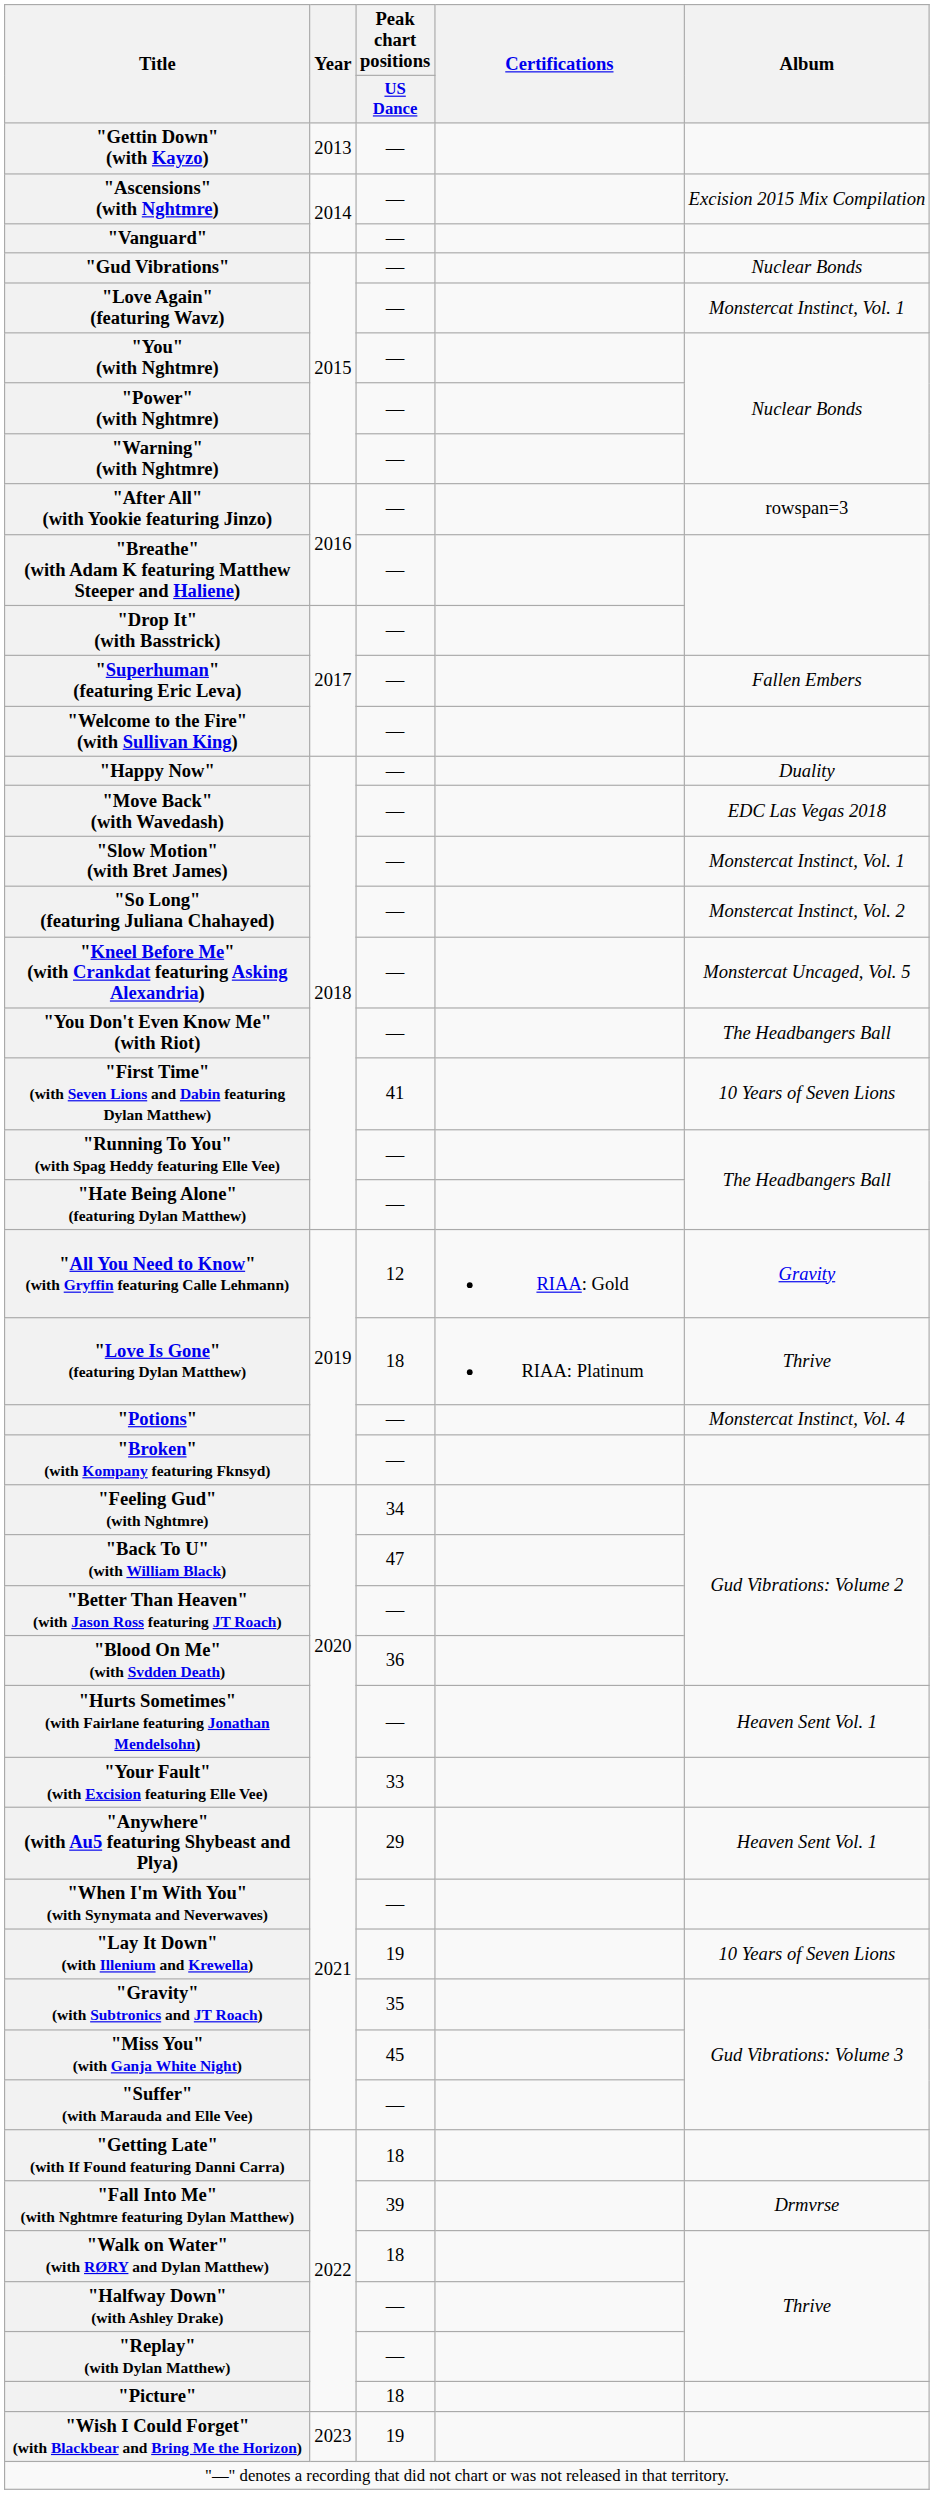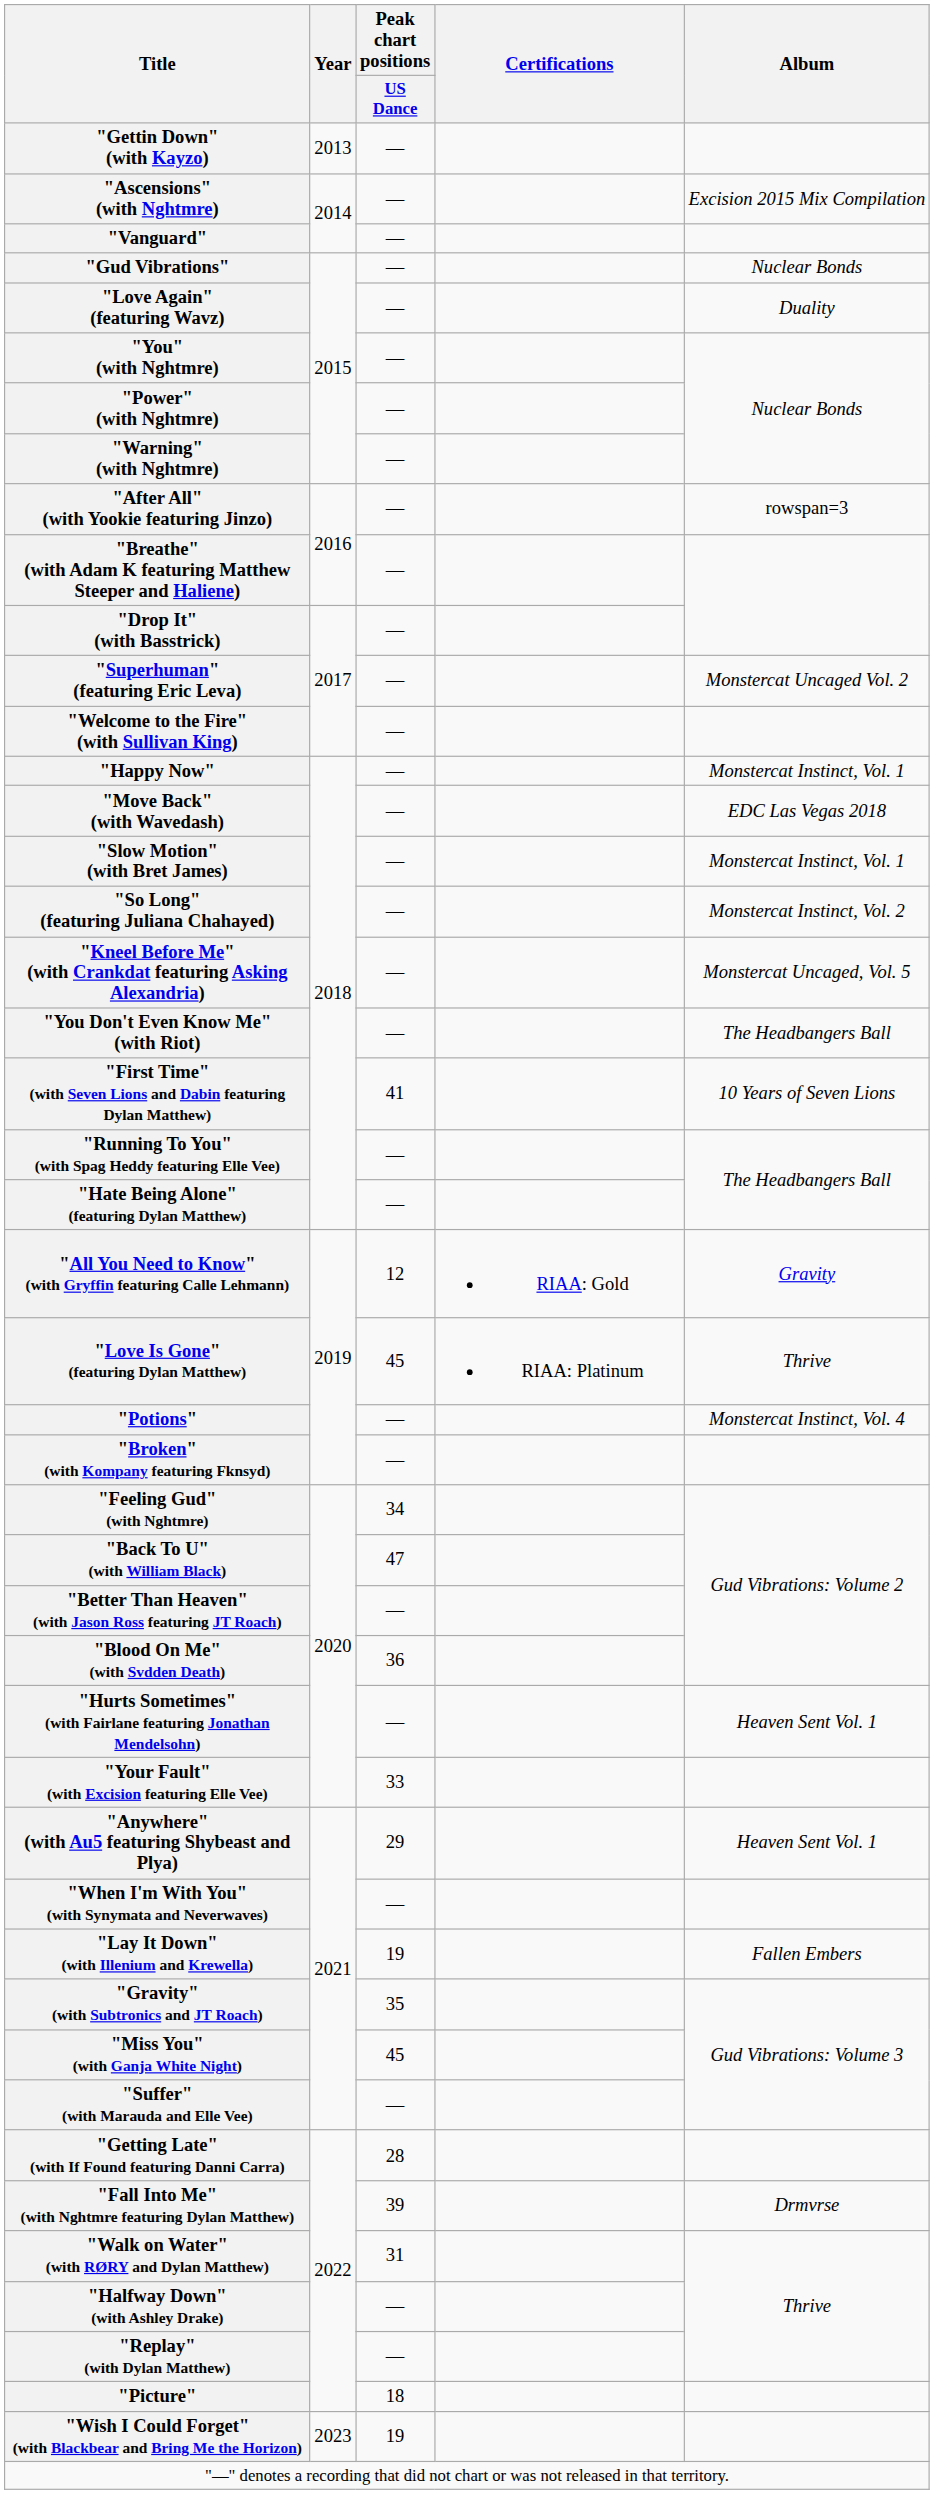 <table class="wikitable plainrowheaders" style="text-align:center;" border="1">
 <tr>
 <th scope="col" rowspan="2" style="width:16em;">Title</th>
 <th scope="col" rowspan="2">Year</th>
 <th scope="col" colspan="1">Peak chart positions</th>
 <th scope="col" rowspan="2" style="width:13em;"><a href='#'>Certifications</a></th>
 <th scope="col" rowspan="2">Album</th>
 </tr>
 <tr>
 <th scope="col" style="width:2.5em;font-size:90%;"><a href='#'>US<br>Dance</a><br></th>
 </tr>
 <tr>
 <th scope="row">"Gettin Down"<br><span>(with <a href='#'>Kayzo</a>)</span></th>
 <td>2013</td>
 <td>—</td>
 <td></td>
 <td></td>
 </tr>
 <tr>
 <th scope="row">"Ascensions"<br><span>(with <a href='#'>Nghtmre</a>)</span></th>
 <td rowspan="2">2014</td>
 <td>—</td>
 <td></td>
 <td><em>Excision 2015 Mix Compilation</em></td>
 </tr>
 <tr>
 <th scope="row">"Vanguard"</th>
 <td>—</td>
 <td></td>
 <td></td>
 </tr>
 <tr>
 <th scope="row">"Gud Vibrations"</th>
 <td rowspan="5">2015</td>
 <td>—</td>
 <td></td>
 <td><em>Nuclear Bonds</em></td>
 </tr>
 <tr>
 <th scope="row">"Love Again"<br><span>(featuring Wavz)</span></th>
 <td>—</td>
 <td></td>
-<td><em>Monstercat Instinct, Vol. 1</em></td>
+<td><em>Duality</em></td>
 </tr>
 <tr>
 <th scope="row">"You"<br><span>(with Nghtmre)</span></th>
 <td>—</td>
 <td></td>
 <td rowspan=3><em>Nuclear Bonds</em></td>
 </tr>
 <tr>
 <th scope="row">"Power"<br><span>(with Nghtmre)</span></th>
 <td>—</td>
 <td></td>
 </tr>
 <tr>
 <th scope="row">"Warning"<br><span>(with Nghtmre)</span></th>
 <td>—</td>
 <td></td>
 </tr>
 <tr>
 <th scope="row">"After All"<br><span>(with Yookie featuring Jinzo)</span></th>
 <td rowspan="2">2016</td>
 <td>—</td>
 <td></td>
 <td>rowspan=3 </td>
 </tr>
 <tr>
 <th scope="row">"Breathe"<br><span>(with Adam K featuring Matthew Steeper and <a href='#'>Haliene</a>)</span></th>
 <td>—</td>
 <td></td>
 </tr>
 <tr>
 <th scope="row">"Drop It"<br><span>(with Basstrick)</span></th>
 <td rowspan="3">2017</td>
 <td>—</td>
 <td></td>
 </tr>
 <tr>
 <th scope="row">"<a href='#'>Superhuman</a>"<br><span>(featuring Eric Leva)</span></th>
 <td>—</td>
 <td></td>
-<td><em>Fallen Embers</em></td>
+<td><em>Monstercat Uncaged Vol. 2</em></td>
 </tr>
 <tr>
 <th scope="row">"Welcome to the Fire"<br><span>(with <a href='#'>Sullivan King</a>)</span></th>
 <td>—</td>
 <td></td>
 <td></td>
 </tr>
 <tr>
 <th scope="row">"Happy Now"</th>
 <td rowspan="9">2018</td>
 <td>—</td>
 <td></td>
-<td><em>Duality</em></td>
+<td><em>Monstercat Instinct, Vol. 1</em></td>
 </tr>
 <tr>
 <th scope="row">"Move Back" <br><span>(with Wavedash)</span></th>
 <td>—</td>
 <td></td>
 <td><em>EDC Las Vegas 2018</em></td>
 </tr>
 <tr>
 <th scope="row">"Slow Motion" <br><span>(with Bret James)</span></th>
 <td>—</td>
 <td></td>
 <td><em>Monstercat Instinct, Vol. 1</em></td>
 </tr>
 <tr>
 <th scope="row">"So Long" <br><span>(featuring Juliana Chahayed)</span></th>
 <td>—</td>
 <td></td>
 <td><em>Monstercat Instinct, Vol. 2</em></td>
 </tr>
 <tr>
 <th scope="row">"<a href='#'>Kneel Before Me</a>" <br><span>(with <a href='#'>Crankdat</a> featuring <a href='#'>Asking Alexandria</a>)</span></th>
 <td>—</td>
 <td></td>
 <td><em>Monstercat Uncaged, Vol. 5</em></td>
 </tr>
 <tr>
 <th scope="row">"You Don't Even Know Me" <br><span>(with Riot)</span></th>
 <td>—</td>
 <td></td>
 <td><em>The Headbangers Ball</em></td>
 </tr>
 <tr>
 <th scope="row">"First Time"  <br><small>(with <a href='#'>Seven Lions</a> and <a href='#'>Dabin</a> featuring Dylan Matthew)</small></th>
 <td>41</td>
 <td></td>
 <td><em>10 Years of Seven Lions</em></td>
 </tr>
 <tr>
 <th scope="row">"Running To You" <br><small>(with Spag Heddy featuring Elle Vee)</small></th>
 <td>—</td>
 <td></td>
 <td rowspan=2><em>The Headbangers Ball</em></td>
 </tr>
 <tr>
 <th scope="row">"Hate Being Alone"<br><small>(featuring Dylan Matthew)</small></th>
 <td>—</td>
 <td></td>
 </tr>
 <tr>
 <th scope="row">"<a href='#'>All You Need to Know</a>" <br><small>(with <a href='#'>Gryffin</a> featuring Calle Lehmann)</small></th>
 <td rowspan="4">2019</td>
 <td>12</td>
 <td><br><ul><li><a href='#'>RIAA</a>: Gold</li></ul></td>
 <td><em><a href='#'>Gravity</a></em></td>
 </tr>
 <tr>
 <th scope="row">"<a href='#'>Love Is Gone</a>" <br><small>(featuring Dylan Matthew)</small></th>
-<td>18</td>
+<td>45</td>
 <td><br><ul><li>RIAA: Platinum</li></ul></td>
 <td><em>Thrive</em></td>
 </tr>
 <tr>
 <th scope="row">"<a href='#'>Potions</a>" <br></th>
 <td>—</td>
 <td></td>
 <td><em>Monstercat Instinct, Vol. 4</em></td>
 </tr>
 <tr>
 <th scope="row">"<a href='#'>Broken</a>" <br><small>(with <a href='#'>Kompany</a> featuring Fknsyd)</small></th>
 <td>—</td>
 <td></td>
 <td></td>
 </tr>
 <tr>
 <th scope="row">"Feeling Gud" <br><small>(with Nghtmre)</small></th>
 <td rowspan="6">2020</td>
 <td>34</td>
 <td></td>
 <td rowspan=4><em>Gud Vibrations: Volume 2</em></td>
 </tr>
 <tr>
 <th scope="row">"Back To U" <br><small>(with <a href='#'>William Black</a>)</small></th>
 <td>47</td>
 <td></td>
 </tr>
 <tr>
 <th scope="row">"Better Than Heaven" <br><small>(with <a href='#'>Jason Ross</a> featuring <a href='#'>JT Roach</a>)</small></th>
 <td>—</td>
 <td></td>
 </tr>
 <tr>
 <th scope="row">"Blood On Me" <br><small>(with <a href='#'>Svdden Death</a>)</small></th>
 <td>36</td>
 <td></td>
 </tr>
 <tr>
 <th scope="row">"Hurts Sometimes" <br><small>(with Fairlane featuring <a href='#'>Jonathan Mendelsohn</a>)</small></th>
 <td>—</td>
 <td></td>
 <td><em>Heaven Sent Vol. 1</em></td>
 </tr>
 <tr>
 <th scope="row">"Your Fault" <br><small>(with <a href='#'>Excision</a> featuring Elle Vee)</small></th>
 <td>33</td>
 <td></td>
 <td></td>
 </tr>
 <tr>
 <th scope="row">"Anywhere" <br><span>(with <a href='#'>Au5</a> featuring Shybeast and Plya)</span></th>
 <td rowspan="6">2021</td>
 <td>29</td>
 <td></td>
 <td><em>Heaven Sent Vol. 1</em></td>
 </tr>
 <tr>
 <th scope="row">"When I'm With You" <br><small>(with Synymata and Neverwaves)</small></th>
 <td>—</td>
 <td></td>
 <td></td>
 </tr>
 <tr>
 <th scope="row">"Lay It Down"<br><small>(with <a href='#'>Illenium</a> and <a href='#'>Krewella</a>)</small></th>
 <td>19</td>
 <td></td>
-<td><em>10 Years of Seven Lions</em></td>
+<td><em>Fallen Embers</em></td>
 </tr>
 <tr>
 <th scope="row">"Gravity" <br><small>(with <a href='#'>Subtronics</a> and <a href='#'>JT Roach</a>)</small></th>
 <td>35</td>
 <td></td>
 <td rowspan=3><em>Gud Vibrations: Volume 3</em></td>
 </tr>
 <tr>
 <th scope="row">"Miss You" <br><small>(with <a href='#'>Ganja White Night</a>)</small></th>
 <td>45</td>
 <td></td>
 </tr>
 <tr>
 <th scope="row">"Suffer" <br><small>(with Marauda and Elle Vee)</small></th>
 <td>—</td>
 <td></td>
 </tr>
 <tr>
 <th scope="row">"Getting Late" <br><small>(with If Found featuring Danni Carra)</small></th>
 <td rowspan="6">2022</td>
-<td>18</td>
+<td>28</td>
 <td></td>
 <td></td>
 </tr>
 <tr>
 <th scope="row">"Fall Into Me"<br><small>(with Nghtmre featuring Dylan Matthew)</small></th>
 <td>39</td>
 <td></td>
 <td><em>Drmvrse</em></td>
 </tr>
 <tr>
 <th scope="row">"Walk on Water" <br><small>(with <a href='#'>RØRY</a> and Dylan Matthew)</small></th>
-<td>18</td>
+<td>31</td>
 <td></td>
 <td rowspan=3><em>Thrive</em></td>
 </tr>
 <tr>
 <th scope="row">"Halfway Down" <br><small>(with Ashley Drake)</small></th>
 <td>—</td>
 </tr>
 <tr>
 <th scope="row">"Replay" <br><small>(with Dylan Matthew)</small></th>
 <td>—</td>
 <td></td>
 </tr>
 <tr>
 <th scope="row">"Picture"<br></th>
 <td>18</td>
 <td></td>
 <td></td>
 </tr>
 <tr>
 <th scope="row">"Wish I Could Forget"<br><small>(with <a href='#'>Blackbear</a> and <a href='#'>Bring Me the Horizon</a>)</small></th>
 <td>2023</td>
 <td>19</td>
 <td></td>
 <td></td>
 </tr>
 <tr>
 <td colspan="14" style="font-size:90%">"—" denotes a recording that did not chart or was not released in that territory.</td>
 </tr>
 </table>
